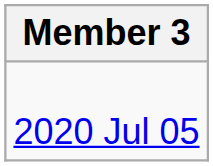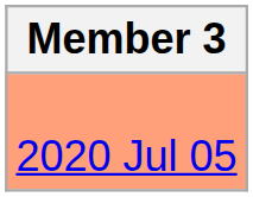 <table class=wikitable align=right>
 <tr>
 <th>Member 3</th>
 </tr>
 <tr>
-<td><br><a href='#'>2020 Jul 05</a></td>
+<td style="background: lightsalmon;"><br><a href='#'>2020 Jul 05</a></td>
 </tr>
 </table>
